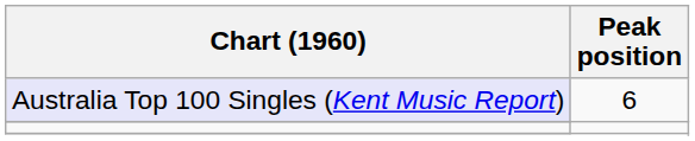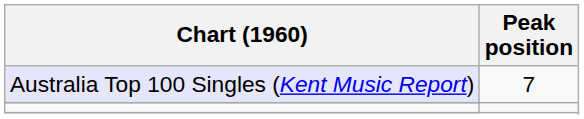 <table class="wikitable sortable">
 <tr>
 <th align="left">Chart (1960)</th>
 <th align="center">Peak<br>position</th>
 </tr>
 <tr>
 <td align="left" style="background: lavender;">Australia Top 100 Singles (<em><a href='#'>Kent Music Report</a></em>)</td>
-<td align="center">6</td>
+<td align="center">7</td>
 </tr>
 <tr>
 </tr>
 <tr>
 </tr>
 <tr>
 <td></td>
 </tr>
 <tr>
 </tr>
 </table>
